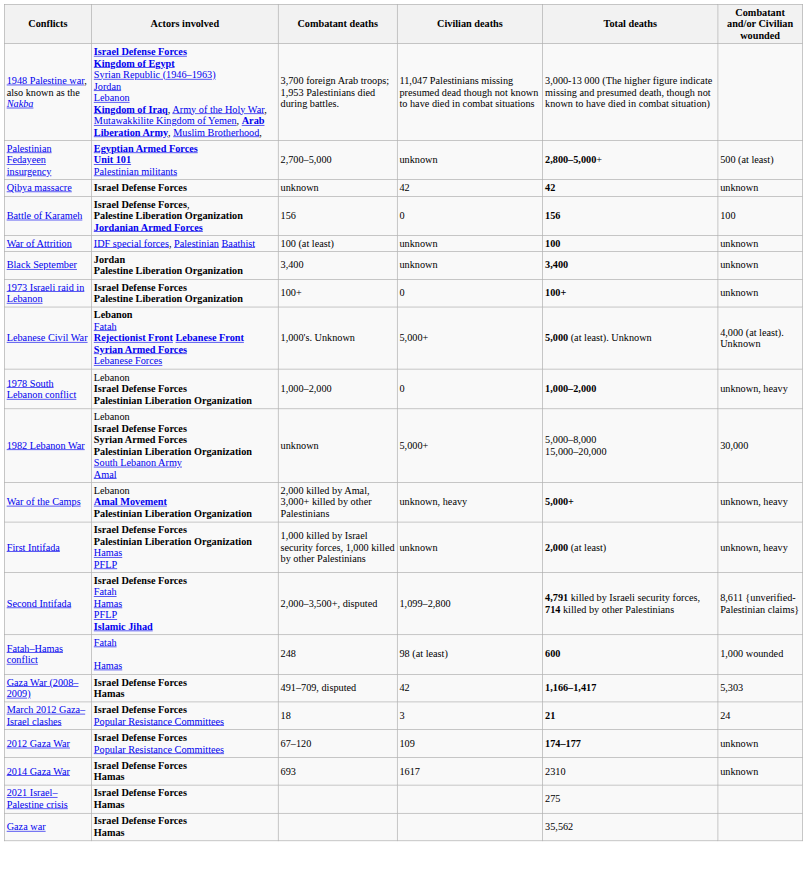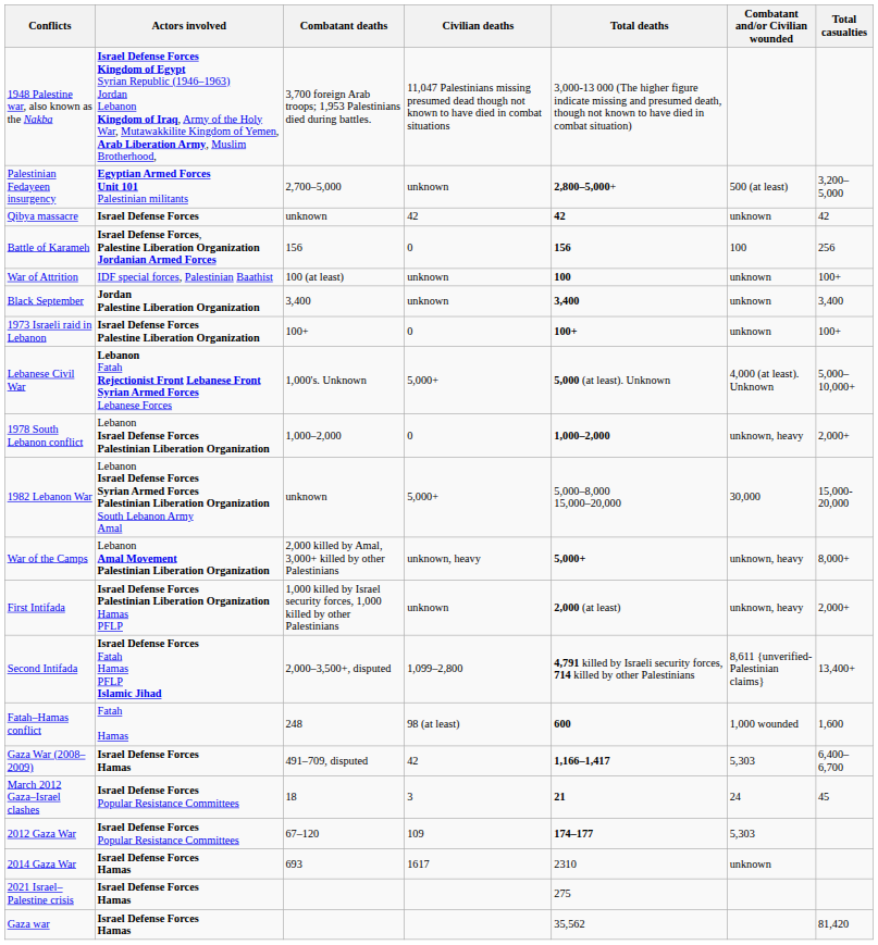 <table class="wikitable sortable mw-datatable sticky-header static-row-numbers sort-under">
 <tr>
 <th>Conflicts</th>
 <th>Actors involved</th>
 <th data-sort-type=number>Combatant deaths</th>
 <th data-sort-type=number>Civilian deaths</th>
 <th data-sort-type=number>Total deaths</th>
 <th data-sort-type=number>Combatant and/or Civilian wounded</th>
+<th data-sort-type=number>Total casualties</th>
 </tr>
 <tr>
 <td><a href='#'>1948 Palestine war</a>, also known as the <em><a href='#'>Nakba</a></em></td>
 <td> <strong><a href='#'>Israel Defense Forces</a></strong><br><strong><a href='#'>Kingdom of Egypt</a></strong><br> <a href='#'>Syrian Republic (1946–1963)</a><br> <a href='#'>Jordan</a><br> <a href='#'>Lebanon</a><br><strong><a href='#'>Kingdom of Iraq</a></strong>, <a href='#'>Army of the Holy War</a>, <a href='#'>Mutawakkilite Kingdom of Yemen</a>, <strong><a href='#'>Arab Liberation Army</a></strong>, <a href='#'>Muslim Brotherhood</a>,</td>
 <td>3,700 foreign Arab troops; 1,953 Palestinians died during battles.</td>
 <td>11,047 Palestinians missing presumed dead though not known to have died in combat situations</td>
 <td>3,000-13 000 (The higher figure indicate missing and presumed death, though not known to have died in combat situation)</td>
+<td></td>
 <td></td>
 </tr>
 <tr>
 <td><a href='#'>Palestinian Fedayeen insurgency</a></td>
 <td> <strong><a href='#'>Egyptian Armed Forces</a></strong><br> <strong><a href='#'>Unit 101</a></strong><br><a href='#'>Palestinian militants</a></td>
 <td>2,700–5,000</td>
 <td>unknown</td>
 <td><strong>2,800–5,000</strong>+</td>
 <td>500 (at least)</td>
+<td>3,200–5,000</td>
 </tr>
 <tr>
 <td><a href='#'>Qibya massacre</a></td>
 <td> <strong>Israel Defense Forces</strong></td>
 <td>unknown</td>
 <td>42</td>
 <td><strong>42</strong></td>
 <td>unknown</td>
+<td>42</td>
 </tr>
 <tr>
 <td><a href='#'>Battle of Karameh</a></td>
 <td> <strong>Israel Defense Forces</strong>,<br> <strong>Palestine Liberation Organization</strong><br> <strong><a href='#'>Jordanian Armed Forces</a></strong></td>
 <td>156</td>
 <td>0</td>
 <td><strong>156</strong></td>
 <td>100</td>
+<td>256</td>
 </tr>
 <tr>
 <td><a href='#'>War of Attrition</a></td>
 <td> <a href='#'>IDF special forces</a>, <a href='#'>Palestinian</a> <a href='#'>Baathist</a></td>
 <td>100 (at least)</td>
 <td>unknown</td>
 <td><strong>100</strong></td>
 <td>unknown</td>
+<td>100+</td>
 </tr>
 <tr>
 <td><a href='#'>Black September</a></td>
 <td> <strong>Jordan</strong><br> <strong>Palestine Liberation Organization</strong></td>
 <td>3,400</td>
 <td>unknown</td>
 <td><strong>3,400</strong></td>
 <td>unknown</td>
+<td>3,400</td>
 </tr>
 <tr>
 <td><a href='#'>1973 Israeli raid in Lebanon</a></td>
 <td> <strong>Israel Defense Forces</strong><br> <strong>Palestine Liberation Organization</strong></td>
 <td>100+</td>
 <td>0</td>
 <td><strong>100+</strong></td>
 <td>unknown</td>
+<td>100+</td>
 </tr>
 <tr>
 <td><a href='#'>Lebanese Civil War</a></td>
 <td> <strong>Lebanon</strong><br> <a href='#'>Fatah</a><br><strong><a href='#'>Rejectionist Front</a></strong> <strong><a href='#'>Lebanese Front</a></strong><br> <strong><a href='#'>Syrian Armed Forces</a></strong><br><a href='#'>Lebanese Forces</a></td>
 <td>1,000's. Unknown</td>
 <td>5,000+</td>
 <td><strong>5,000</strong> (at least). Unknown</td>
 <td>4,000 (at least). Unknown</td>
+<td>5,000–10,000+</td>
 </tr>
 <tr>
 <td><a href='#'>1978 South Lebanon conflict</a></td>
 <td> Lebanon<br> <strong>Israel Defense Forces</strong><br> <strong>Palestinian Liberation Organization</strong></td>
 <td>1,000–2,000</td>
 <td>0</td>
 <td><strong>1,000–2,000</strong></td>
 <td>unknown, heavy</td>
+<td>2,000+</td>
 </tr>
 <tr>
 <td><a href='#'>1982 Lebanon War</a></td>
 <td> Lebanon<br> <strong>Israel Defense Forces</strong><br> <strong>Syrian Armed Forces</strong><br> <strong>Palestinian Liberation Organization</strong><br><a href='#'>South Lebanon Army</a><br><a href='#'>Amal</a></td>
 <td>unknown</td>
 <td>5,000+</td>
 <td>5,000–8,000<br> 15,000–20,000</td>
 <td>30,000</td>
+<td>15,000-20,000</td>
 </tr>
 <tr>
 <td><a href='#'>War of the Camps</a></td>
 <td> Lebanon<br> <strong><a href='#'>Amal Movement</a></strong><br> <strong>Palestinian Liberation Organization</strong></td>
 <td>2,000 killed by Amal, 3,000+ killed by other Palestinians</td>
 <td>unknown, heavy</td>
 <td><strong>5,000+</strong></td>
 <td>unknown, heavy</td>
+<td>8,000+</td>
 </tr>
 <tr>
 <td><a href='#'>First Intifada</a></td>
 <td> <strong>Israel Defense Forces</strong><br> <strong>Palestinian Liberation Organization</strong> <br> <a href='#'>Hamas</a><br> <a href='#'>PFLP</a><br></td>
 <td>1,000 killed by Israel security forces, 1,000 killed by other Palestinians</td>
 <td>unknown</td>
 <td><strong>2,000</strong> (at least)</td>
 <td>unknown, heavy</td>
+<td>2,000+</td>
 </tr>
 <tr>
 <td><a href='#'>Second Intifada</a></td>
 <td> <strong>Israel Defense Forces</strong><br><a href='#'>Fatah</a> <br>  <a href='#'>Hamas</a><br> <a href='#'>PFLP</a><br> <strong><a href='#'>Islamic Jihad</a></strong><br></td>
 <td>2,000–3,500+, disputed</td>
 <td>1,099–2,800</td>
 <td><strong>4,791</strong> killed by Israeli security forces, <strong>714</strong> killed by other Palestinians</td>
 <td>8,611 {unverified-Palestinian claims}</td>
+<td>13,400+</td>
 </tr>
 <tr>
 <td><a href='#'>Fatah–Hamas conflict</a></td>
 <td><a href='#'>Fatah</a> <br><br> <a href='#'>Hamas</a><br></td>
 <td>248</td>
 <td>98 (at least)</td>
 <td><strong>600</strong></td>
 <td>1,000 wounded</td>
+<td>1,600</td>
 </tr>
 <tr>
 <td><a href='#'>Gaza War (2008–2009)</a></td>
 <td> <strong>Israel Defense Forces</strong><br> <strong>Hamas</strong></td>
 <td>491–709, disputed</td>
 <td>42</td>
 <td><strong>1,166–1,417</strong></td>
 <td>5,303</td>
+<td>6,400–6,700</td>
 </tr>
 <tr>
 <td><a href='#'>March 2012 Gaza–Israel clashes</a></td>
 <td> <strong>Israel Defense Forces</strong><br><a href='#'>Popular Resistance Committees</a></td>
 <td>18</td>
 <td>3</td>
 <td><strong>21</strong></td>
 <td>24</td>
+<td>45</td>
 </tr>
 <tr>
 <td><a href='#'>2012 Gaza War</a></td>
 <td> <strong>Israel Defense Forces</strong><br><a href='#'>Popular Resistance Committees</a></td>
 <td>67–120</td>
 <td>109</td>
 <td><strong>174–177</strong></td>
-<td>unknown</td>
+<td>5,303</td>
+<td></td>
 </tr>
 <tr>
 <td><a href='#'>2014 Gaza War</a></td>
 <td> <strong>Israel Defense Forces</strong><br> <strong>Hamas</strong></td>
 <td>693</td>
 <td>1617</td>
 <td>2310</td>
 <td>unknown</td>
+<td></td>
 </tr>
 <tr>
 <td><a href='#'>2021 Israel–Palestine crisis</a></td>
 <td> <strong>Israel Defense Forces</strong><br> <strong>Hamas</strong></td>
 <td></td>
 <td></td>
 <td>275</td>
+<td></td>
 <td></td>
 </tr>
 <tr>
 <td><a href='#'>Gaza war</a></td>
 <td> <strong>Israel Defense Forces</strong><br> <strong>Hamas</strong></td>
 <td></td>
 <td></td>
 <td>35,562</td>
 <td></td>
+<td>81,420</td>
 </tr>
 </table>
